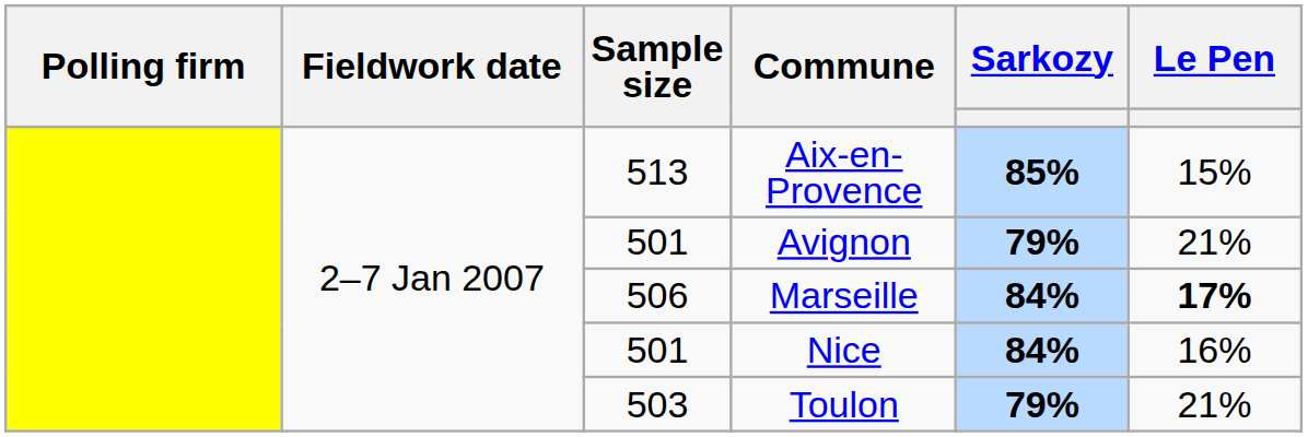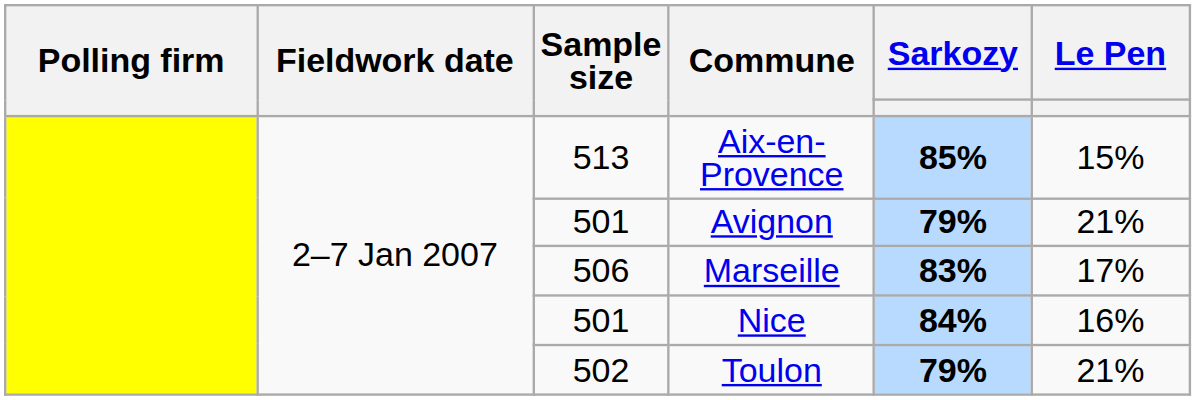 <table class="wikitable sortable" style="text-align:center;font-size:90%;line-height:14px;">
 <tr style="height:40px;">
 <th style="width:100px;" rowspan="2">Polling firm</th>
 <th style="width:110px;" rowspan="2">Fieldwork date</th>
 <th style="width:35px;" rowspan="2">Sample<br>size</th>
 <th style="width:80px;" rowspan="2">Commune</th>
 <th class="unsortable" style="width:60px;"><a href='#'>Sarkozy</a><br></th>
 <th class="unsortable" style="width:60px;"><a href='#'>Le Pen</a><br></th>
 </tr>
 <tr>
 <th style="background:"></th>
 <th style="background:"></th>
 </tr>
 <tr>
 <td rowspan="5" style="background:yellow;"></td>
 <td rowspan="5" data-sort-value="2007-01-07">2–7 Jan 2007</td>
 <td>513</td>
 <td><a href='#'>Aix-en-Provence</a></td>
 <td style="background:#B9DAFF;"><strong>85%</strong></td>
 <td>15%</td>
 </tr>
 <tr>
 <td>501</td>
 <td><a href='#'>Avignon</a></td>
 <td style="background:#B9DAFF;"><strong>79%</strong></td>
 <td>21%</td>
 </tr>
 <tr>
 <td>506</td>
 <td><a href='#'>Marseille</a></td>
-<td style="background:#B9DAFF;"><strong>84%</strong></td>
-<td><strong>17%</strong></td>
+<td style="background:#B9DAFF;"><strong>83%</strong></td>
+<td>17%</td>
 </tr>
 <tr>
 <td>501</td>
 <td><a href='#'>Nice</a></td>
 <td style="background:#B9DAFF;"><strong>84%</strong></td>
 <td>16%</td>
 </tr>
 <tr>
-<td>503</td>
+<td>502</td>
 <td><a href='#'>Toulon</a></td>
 <td style="background:#B9DAFF;"><strong>79%</strong></td>
 <td>21%</td>
 </tr>
 </table>
